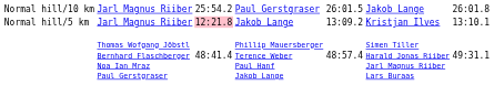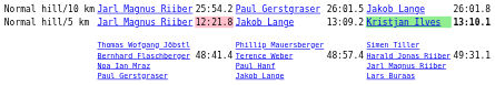 <table>
 <tr>
 <td>Normal hill/10 km</td>
 <td><a href='#'>Jarl Magnus Riiber</a><br></td>
 <td>25:54.2</td>
 <td><a href='#'>Paul Gerstgraser</a><br></td>
 <td>26:01.5</td>
 <td><a href='#'>Jakob Lange</a><br></td>
 <td>26:01.8</td>
 </tr>
 <tr>
 <td>Normal hill/5 km</td>
 <td><a href='#'>Jarl Magnus Riiber</a><br></td>
 <td style="background: pink;">12:21.8</td>
 <td><a href='#'>Jakob Lange</a><br></td>
 <td>13:09.2</td>
-<td><a href='#'>Kristjan Ilves</a><br></td>
-<td>13:10.1</td>
+<td style="background: lightgreen;"><a href='#'>Kristjan Ilves</a><br></td>
+<td><strong>13:10.1</strong></td>
 </tr>
 <tr>
 <td></td>
 <td><br><small><a href='#'>Thomas Wofgang Jöbstl</a><br><a href='#'>Bernhard Flaschberger</a><br><a href='#'>Noa Ian Mraz</a><br><a href='#'>Paul Gerstgraser</a></small></td>
 <td>48:41.4</td>
 <td><br><small><a href='#'>Phillip Mauersberger</a><br><a href='#'>Terence Weber</a><br><a href='#'>Paul Hanf</a><br><a href='#'>Jakob Lange</a></small></td>
 <td>48:57.4</td>
 <td><br><small><a href='#'>Simen Tiller</a><br><a href='#'>Harald Jonas Riiber</a><br><a href='#'>Jarl Magnus Riiber</a><br><a href='#'>Lars Buraas</a></small></td>
 <td>49:31.1</td>
 </tr>
 <tr>
 </tr>
 </table>
